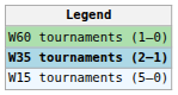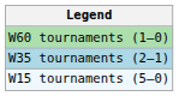 <table class=wikitable style="font-size:85%;">
 <tr>
 <th>Legend</th>
 </tr>
 <tr style="background:#addfad;">
 <td>W60 tournaments (1–0)</td>
 </tr>
 <tr style="background:lightblue;">
-<td><strong>W35 tournaments (2–1)</strong></td>
+<td>W35 tournaments (2–1)</td>
 </tr>
 <tr style="background:#f0f8ff;">
 <td>W15 tournaments (5–0)</td>
 </tr>
 </table>
